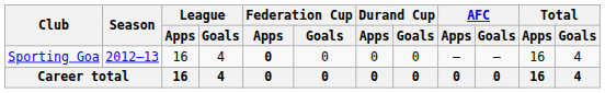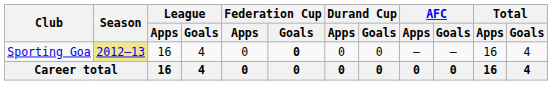 <table class="wikitable" style="text-align:center;">
 <tr>
 <th rowspan="2">Club</th>
 <th rowspan="2">Season</th>
 <th colspan="2">League</th>
 <th colspan="2">Federation Cup</th>
 <th colspan="2">Durand Cup</th>
 <th colspan="2"><a href='#'>AFC</a></th>
 <th colspan="2">Total</th>
 </tr>
 <tr>
 <th>Apps</th>
 <th>Goals</th>
 <th>Apps</th>
 <th>Goals</th>
 <th>Apps</th>
 <th>Goals</th>
 <th>Apps</th>
 <th>Goals</th>
 <th>Apps</th>
 <th>Goals</th>
 </tr>
 <tr>
 <td rowspan="1"><a href='#'>Sporting Goa</a></td>
-<td><a href='#'>2012–13</a></td>
+<td style="background: khaki;"><a href='#'>2012–13</a></td>
 <td>16</td>
 <td>4</td>
+<td>0</td>
 <td><strong>0</strong></td>
-<td>0</td>
 <td>0</td>
 <td>0</td>
 <td>—</td>
 <td>—</td>
 <td>16</td>
 <td>4</td>
 </tr>
 <tr>
 <th colspan="2">Career total</th>
 <th>16</th>
 <th>4</th>
 <th>0</th>
 <th>0</th>
 <th>0</th>
 <th>0</th>
 <th>0</th>
 <th>0</th>
 <th>16</th>
 <th>4</th>
 </tr>
 </table>
